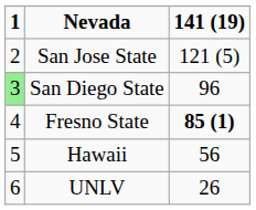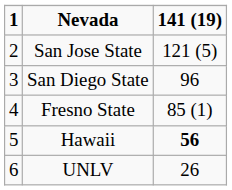 <table class="wikitable" style="display: inline-table;">
 <tr align="center">
 </tr>
 <tr align="center">
 <td><strong>1</strong></td>
 <td><strong>Nevada</strong></td>
 <td><strong>141 (19)</strong></td>
 </tr>
 <tr align="center">
 <td>2</td>
 <td>San Jose State</td>
 <td>121 (5)</td>
 </tr>
 <tr align="center">
-<td style="background: lightgreen;">3</td>
+<td>3</td>
 <td>San Diego State</td>
 <td>96</td>
 </tr>
 <tr align="center">
 <td>4</td>
 <td>Fresno State</td>
-<td><strong>85 (1)</strong></td>
+<td>85 (1)</td>
 </tr>
 <tr align="center">
 <td>5</td>
 <td>Hawaii</td>
-<td>56</td>
+<td><strong>56</strong></td>
 </tr>
 <tr align="center">
 <td>6</td>
 <td>UNLV</td>
 <td>26</td>
 </tr>
 </table>
